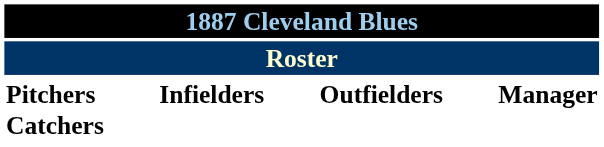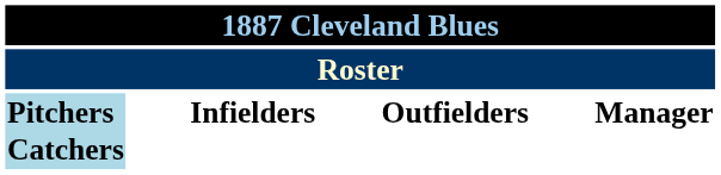 <table class="toccolours" style="font-size: 95%;">
 <tr>
 <th colspan="10" style="background-color: black; color: #9ECEEE; text-align: center;">1887 Cleveland Blues</th>
 </tr>
 <tr>
 <td colspan="10" style="background-color: #003366; color: #FFFDD0; text-align: center;"><strong>Roster</strong></td>
 </tr>
 <tr>
-<td valign="top"><strong>Pitchers</strong><br>      <strong>Catchers</strong>   </td>
+<td valign="top" style="background: lightblue;"><strong>Pitchers</strong><br>      <strong>Catchers</strong>   </td>
 <td width="25px"></td>
 <td valign="top"><strong>Infielders</strong><br>         </td>
 <td width="25px"></td>
 <td valign="top"><strong>Outfielders</strong><br>     </td>
 <td width="25px"></td>
 <td valign="top"><strong>Manager</strong><br></td>
 </tr>
 </table>
